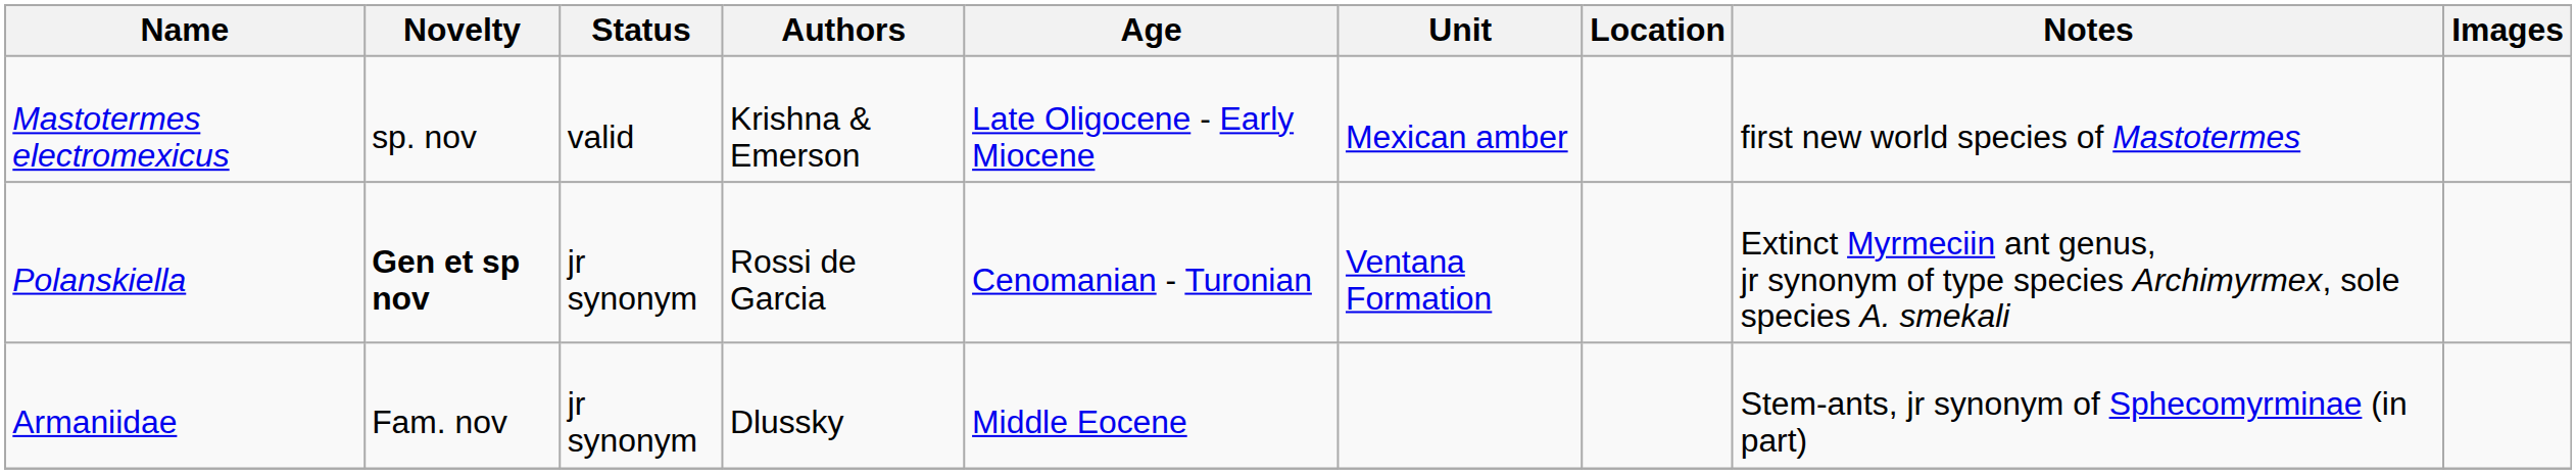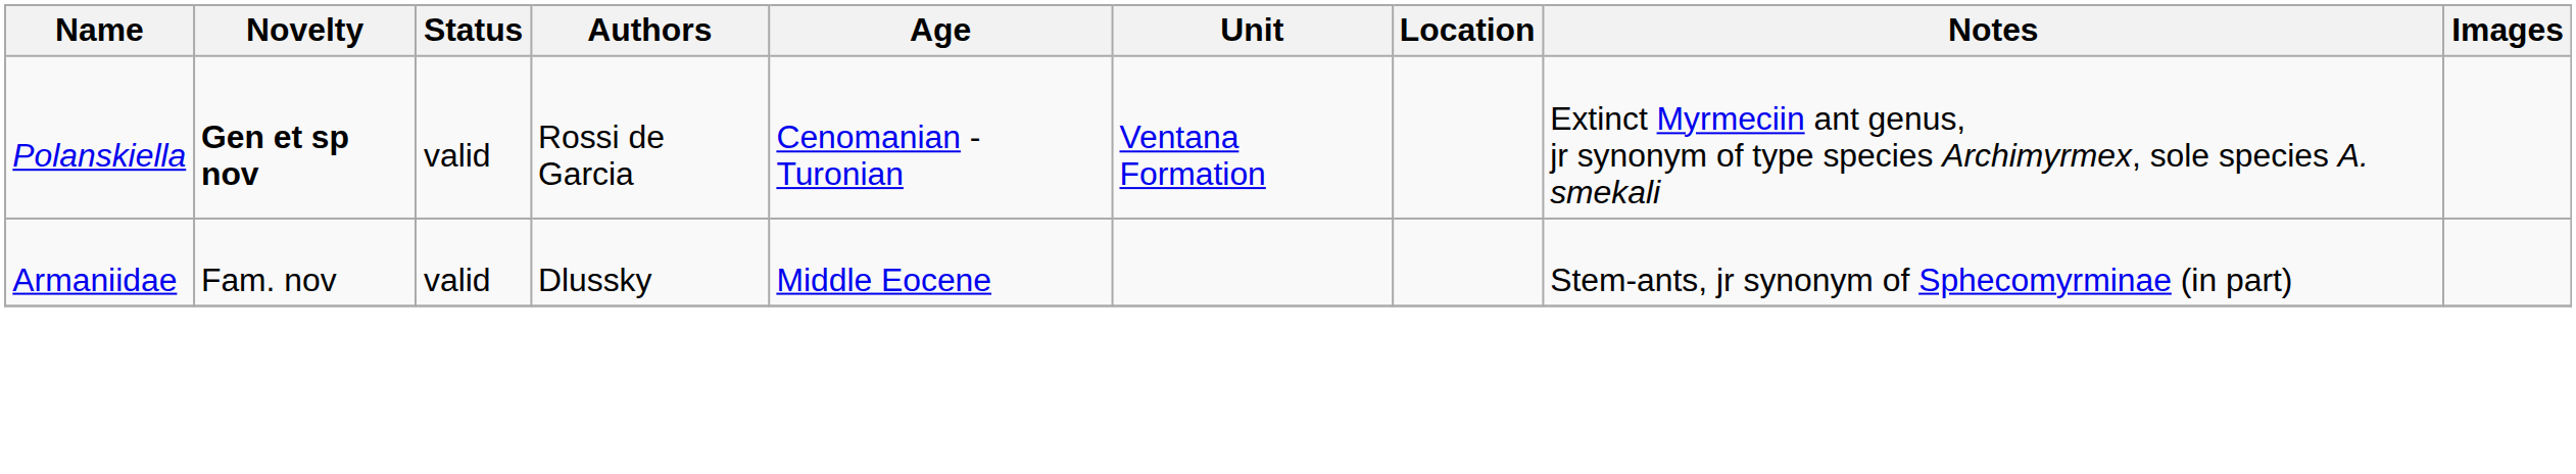 <table class="wikitable sortable" align="center" width="100%">
 <tr>
 <th>Name</th>
 <th>Novelty</th>
 <th>Status</th>
 <th>Authors</th>
 <th>Age</th>
 <th>Unit</th>
 <th>Location</th>
 <th>Notes</th>
 <th>Images</th>
 </tr>
 <tr>
-<td><br><em><a href='#'>Mastotermes electromexicus</a></em></td>
-<td><br>sp. nov</td>
-<td><br>valid</td>
-<td><br>Krishna & Emerson</td>
-<td><br><a href='#'>Late Oligocene</a> - <a href='#'>Early Miocene</a></td>
-<td><br><a href='#'>Mexican amber</a></td>
-<td><br></td>
-<td><br>first new world species of <em><a href='#'>Mastotermes</a></em></td>
-<td></td>
-</tr>
-<tr>
 <td><br><em><a href='#'>Polanskiella</a></em></td>
 <td><strong><br>Gen et sp nov</strong></td>
-<td><br>jr synonym</td>
+<td><br>valid</td>
 <td><br>Rossi de Garcia</td>
 <td><br><a href='#'>Cenomanian</a> - <a href='#'>Turonian</a></td>
 <td><br><a href='#'>Ventana Formation</a></td>
 <td><br></td>
 <td><br>Extinct <a href='#'>Myrmeciin</a> ant genus,<br>  jr synonym of type species <em>Archimyrmex</em>, sole species <em>A. smekali</em></td>
 </tr>
 <tr>
 <td><br><a href='#'>Armaniidae</a></td>
 <td><br>Fam. nov</td>
-<td><br>jr synonym</td>
+<td><br>valid</td>
 <td><br>Dlussky</td>
 <td><br><a href='#'>Middle Eocene</a></td>
 <td></td>
 <td></td>
 <td><br>Stem-ants, jr synonym of <a href='#'>Sphecomyrminae</a> (in part)</td>
 <td></td>
 </tr>
 <tr>
 </tr>
 </table>
